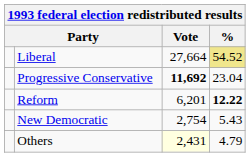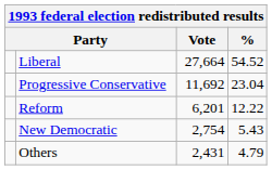 <table class="wikitable">
 <tr>
 <th colspan="4"><a href='#'>1993 federal election</a> redistributed results</th>
 </tr>
 <tr>
 <th bgcolor="#DDDDFF" width="130px" colspan="2">Party</th>
 <th bgcolor="#DDDDFF" width="50px">Vote</th>
 <th bgcolor="#DDDDFF" width="30px">%</th>
 </tr>
 <tr>
 <td> </td>
 <td><a href='#'>Liberal</a></td>
 <td align=right>27,664</td>
-<td align=right style="background: khaki;">54.52</td>
+<td align=right>54.52</td>
 </tr>
 <tr>
 <td> </td>
 <td><a href='#'>Progressive Conservative</a></td>
-<td align=right><strong>11,692</strong></td>
+<td align=right>11,692</td>
 <td align=right>23.04</td>
 </tr>
 <tr>
 <td> </td>
 <td><a href='#'>Reform</a></td>
 <td align=right>6,201</td>
-<td align=right><strong>12.22</strong></td>
+<td align=right>12.22</td>
 </tr>
 <tr>
 <td> </td>
 <td><a href='#'>New Democratic</a></td>
 <td align=right>2,754</td>
 <td align=right>5.43</td>
 </tr>
 <tr>
 <td> </td>
 <td>Others</td>
-<td align=right style="background: lightyellow;">2,431</td>
+<td align=right>2,431</td>
 <td align=right>4.79</td>
 </tr>
 </table>
